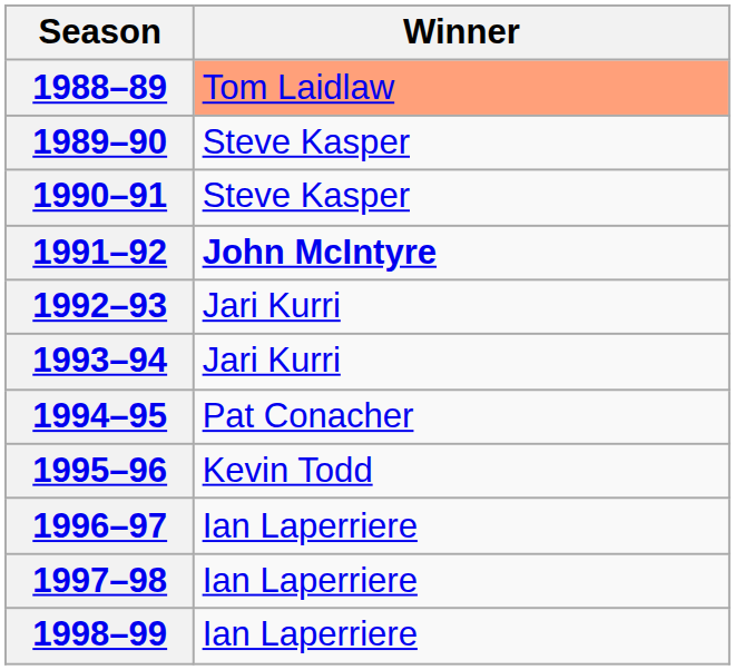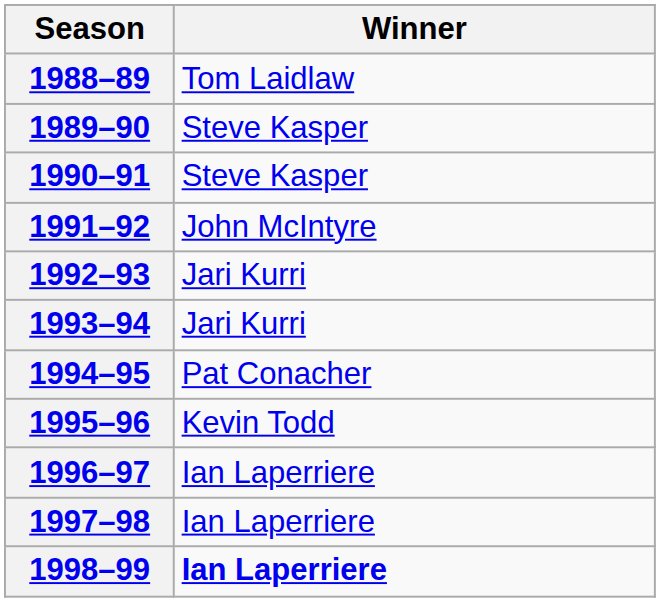 <table class="wikitable">
 <tr>
 <th scope="col" style="width:5em">Season</th>
 <th scope="col" style="width:15em">Winner</th>
 </tr>
 <tr>
 <th scope="row"><a href='#'>1988–89</a></th>
-<td style="background: lightsalmon;"><a href='#'>Tom Laidlaw</a></td>
+<td><a href='#'>Tom Laidlaw</a></td>
 </tr>
 <tr>
 <th scope="row"><a href='#'>1989–90</a></th>
 <td><a href='#'>Steve Kasper</a></td>
 </tr>
 <tr>
 <th scope="row"><a href='#'>1990–91</a></th>
 <td><a href='#'>Steve Kasper</a></td>
 </tr>
 <tr>
 <th scope="row"><a href='#'>1991–92</a></th>
-<td><strong><a href='#'>John McIntyre</a></strong></td>
+<td><a href='#'>John McIntyre</a></td>
 </tr>
 <tr>
 <th scope="row"><a href='#'>1992–93</a></th>
 <td><a href='#'>Jari Kurri</a></td>
 </tr>
 <tr>
 <th scope="row"><a href='#'>1993–94</a></th>
 <td><a href='#'>Jari Kurri</a></td>
 </tr>
 <tr>
 <th scope="row"><a href='#'>1994–95</a></th>
 <td><a href='#'>Pat Conacher</a></td>
 </tr>
 <tr>
 <th scope="row"><a href='#'>1995–96</a></th>
 <td><a href='#'>Kevin Todd</a></td>
 </tr>
 <tr>
 <th scope="row"><a href='#'>1996–97</a></th>
 <td><a href='#'>Ian Laperriere</a></td>
 </tr>
 <tr>
 <th scope="row"><a href='#'>1997–98</a></th>
 <td><a href='#'>Ian Laperriere</a></td>
 </tr>
 <tr>
 <th scope="row"><a href='#'>1998–99</a></th>
-<td><a href='#'>Ian Laperriere</a></td>
+<td><strong><a href='#'>Ian Laperriere</a></strong></td>
 </tr>
 </table>
